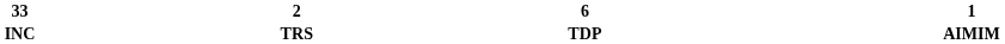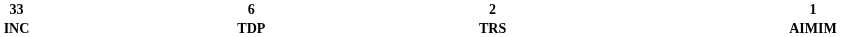 <table style="width:100%; text-align:center;">
 <tr>
 <td style="background:"><strong>33</strong></td>
+<td style="background:"><strong>6</strong></td>
 <td style="background:"><strong>2</strong></td>
-<td style="background:"><strong>6</strong></td>
 <td style="background:"><strong>1</strong></td>
 </tr>
 <tr>
 <td><span><strong>INC</strong></span></td>
+<td><span><strong>TDP</strong></span></td>
 <td><span><strong>TRS</strong></span></td>
-<td><span><strong>TDP</strong></span></td>
 <td><span><strong>AIMIM</strong></span></td>
 </tr>
 </table>
